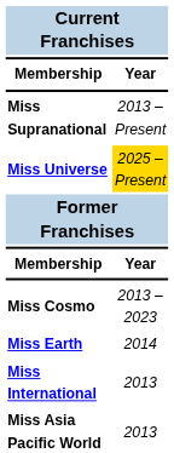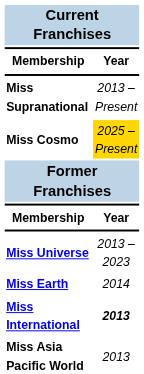 <table class="toccolours" style="width: 20em; float:right; font-size:80%; line-height:1.5em; width:23%;">
 <tr>
 <th colspan="2" align="center" style="background:#BCD4E6;"><big>Current Franchises</big></th>
 </tr>
 <tr>
 <td colspan="2" style="background:black"></td>
 </tr>
 <tr>
 <th scope="col">Membership</th>
 <th scope="col">Year</th>
 </tr>
 <tr>
 <td colspan="2" style="background:black"></td>
 </tr>
 <tr>
 <td align="left"><strong>Miss Supranational</strong></td>
 <td align="center"><em>2013 – Present</em></td>
 </tr>
 <tr>
 </tr>
 <tr>
-<td align="left"><strong><a href='#'>Miss Universe</a></strong></td>
+<td align="left"><strong>Miss Cosmo</strong></td>
 <td align="center" style="background: gold;"><em>2025 – Present</em></td>
 </tr>
 <tr>
 <th colspan="2" align="center" style="background:#BCD4E6;"><big>Former Franchises</big></th>
 </tr>
 <tr>
 <td colspan="2" style="background:black"></td>
 </tr>
 <tr>
 <th scope="col">Membership</th>
 <th scope="col">Year</th>
 </tr>
 <tr>
 <td colspan="2" style="background:black"></td>
 </tr>
 <tr>
-<td align="left"><strong>Miss Cosmo</strong></td>
+<td align="left"><strong><a href='#'>Miss Universe</a></strong></td>
 <td align="center"><em>2013 – 2023</em></td>
 </tr>
 <tr>
 <td align="left"><strong><a href='#'>Miss Earth</a></strong></td>
 <td align="center"><em>2014</em></td>
 </tr>
 <tr>
 <td align="left"><strong><a href='#'>Miss International</a></strong></td>
-<td align="center"><em>2013</em></td>
+<td align="center"><strong><em>2013</em></strong></td>
 </tr>
 <tr>
 <td align="left"><strong>Miss Asia Pacific World</strong></td>
 <td align="center"><em>2013</em></td>
 </tr>
 </table>
